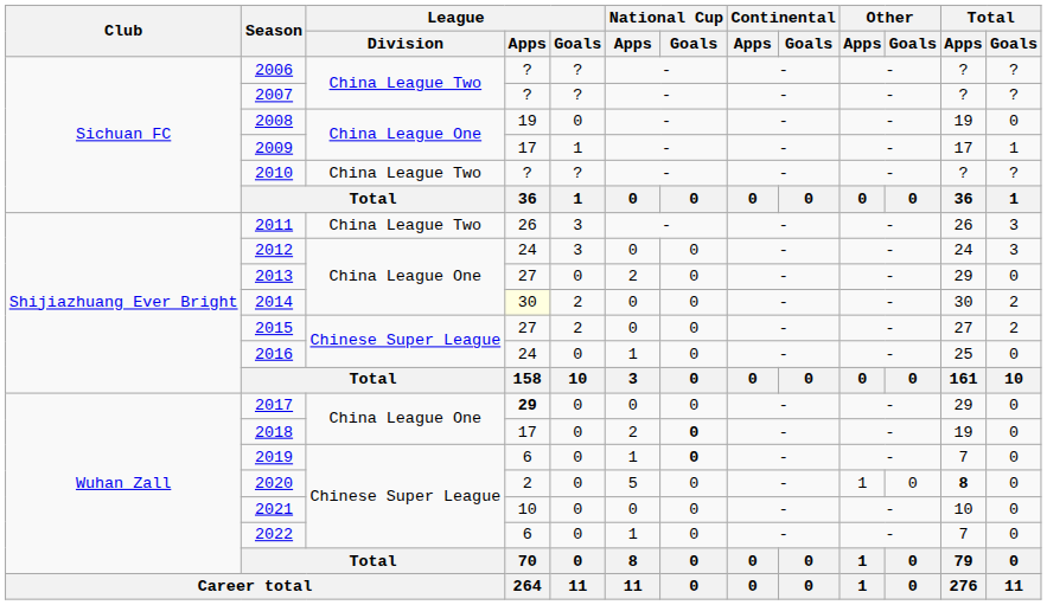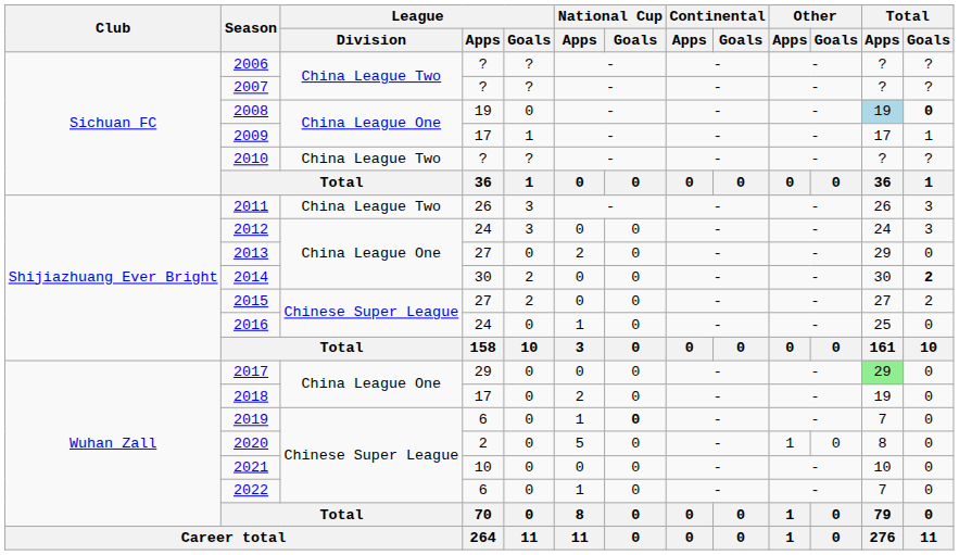 <table class="wikitable" style="text-align: center">
 <tr>
 <th rowspan="2">Club</th>
 <th rowspan="2">Season</th>
 <th colspan="3">League</th>
 <th colspan="2">National Cup</th>
 <th colspan="2">Continental</th>
 <th colspan="2">Other</th>
 <th colspan="2">Total</th>
 </tr>
 <tr>
 <th>Division</th>
 <th>Apps</th>
 <th>Goals</th>
 <th>Apps</th>
 <th>Goals</th>
 <th>Apps</th>
 <th>Goals</th>
 <th>Apps</th>
 <th>Goals</th>
 <th>Apps</th>
 <th>Goals</th>
 </tr>
 <tr>
 <td rowspan=6><a href='#'>Sichuan FC</a></td>
 <td><a href='#'>2006</a></td>
 <td rowspan="2"><a href='#'>China League Two</a></td>
 <td>?</td>
 <td>?</td>
 <td colspan="2">-</td>
 <td colspan="2">-</td>
 <td colspan="2">-</td>
 <td>?</td>
 <td>?</td>
 </tr>
 <tr>
 <td><a href='#'>2007</a></td>
 <td>?</td>
 <td>?</td>
 <td colspan="2">-</td>
 <td colspan="2">-</td>
 <td colspan="2">-</td>
 <td>?</td>
 <td>?</td>
 </tr>
 <tr>
 <td><a href='#'>2008</a></td>
 <td rowspan="2"><a href='#'>China League One</a></td>
 <td>19</td>
 <td>0</td>
 <td colspan="2">-</td>
 <td colspan="2">-</td>
 <td colspan="2">-</td>
-<td>19</td>
-<td>0</td>
+<td style="background: lightblue;">19</td>
+<td><strong>0</strong></td>
 </tr>
 <tr>
 <td><a href='#'>2009</a></td>
 <td>17</td>
 <td>1</td>
 <td colspan="2">-</td>
 <td colspan="2">-</td>
 <td colspan="2">-</td>
 <td>17</td>
 <td>1</td>
 </tr>
 <tr>
 <td><a href='#'>2010</a></td>
 <td>China League Two</td>
 <td>?</td>
 <td>?</td>
 <td colspan="2">-</td>
 <td colspan="2">-</td>
 <td colspan="2">-</td>
 <td>?</td>
 <td>?</td>
 </tr>
 <tr>
 <th colspan="2"><strong>Total</strong></th>
 <th>36</th>
 <th>1</th>
 <th>0</th>
 <th>0</th>
 <th>0</th>
 <th>0</th>
 <th>0</th>
 <th>0</th>
 <th>36</th>
 <th>1</th>
 </tr>
 <tr>
 <td rowspan=7><a href='#'>Shijiazhuang Ever Bright</a></td>
 <td><a href='#'>2011</a></td>
 <td>China League Two</td>
 <td>26</td>
 <td>3</td>
 <td colspan="2">-</td>
 <td colspan="2">-</td>
 <td colspan="2">-</td>
 <td>26</td>
 <td>3</td>
 </tr>
 <tr>
 <td><a href='#'>2012</a></td>
 <td rowspan=3>China League One</td>
 <td>24</td>
 <td>3</td>
 <td>0</td>
 <td>0</td>
 <td colspan="2">-</td>
 <td colspan="2">-</td>
 <td>24</td>
 <td>3</td>
 </tr>
 <tr>
 <td><a href='#'>2013</a></td>
 <td>27</td>
 <td>0</td>
 <td>2</td>
 <td>0</td>
 <td colspan="2">-</td>
 <td colspan="2">-</td>
 <td>29</td>
 <td>0</td>
 </tr>
 <tr>
 <td><a href='#'>2014</a></td>
-<td style="background: lightyellow;">30</td>
+<td>30</td>
 <td>2</td>
 <td>0</td>
 <td>0</td>
 <td colspan="2">-</td>
 <td colspan="2">-</td>
 <td>30</td>
-<td>2</td>
+<td><strong>2</strong></td>
 </tr>
 <tr>
 <td><a href='#'>2015</a></td>
 <td rowspan="2"><a href='#'>Chinese Super League</a></td>
 <td>27</td>
 <td>2</td>
 <td>0</td>
 <td>0</td>
 <td colspan="2">-</td>
 <td colspan="2">-</td>
 <td>27</td>
 <td>2</td>
 </tr>
 <tr>
 <td><a href='#'>2016</a></td>
 <td>24</td>
 <td>0</td>
 <td>1</td>
 <td>0</td>
 <td colspan="2">-</td>
 <td colspan="2">-</td>
 <td>25</td>
 <td>0</td>
 </tr>
 <tr>
 <th colspan="2"><strong>Total</strong></th>
 <th>158</th>
 <th>10</th>
 <th>3</th>
 <th>0</th>
 <th>0</th>
 <th>0</th>
 <th>0</th>
 <th>0</th>
 <th>161</th>
 <th>10</th>
 </tr>
 <tr>
 <td rowspan=7><a href='#'>Wuhan Zall</a></td>
 <td><a href='#'>2017</a></td>
 <td rowspan=2>China League One</td>
-<td><strong>29</strong></td>
+<td>29</td>
 <td>0</td>
 <td>0</td>
 <td>0</td>
 <td colspan="2">-</td>
 <td colspan="2">-</td>
-<td>29</td>
+<td style="background: lightgreen;">29</td>
 <td>0</td>
 </tr>
 <tr>
 <td><a href='#'>2018</a></td>
 <td>17</td>
 <td>0</td>
 <td>2</td>
-<td><strong>0</strong></td>
+<td>0</td>
 <td colspan="2">-</td>
 <td colspan="2">-</td>
 <td>19</td>
 <td>0</td>
 </tr>
 <tr>
 <td><a href='#'>2019</a></td>
 <td rowspan=4>Chinese Super League</td>
 <td>6</td>
 <td>0</td>
 <td>1</td>
 <td><strong>0</strong></td>
 <td colspan="2">-</td>
 <td colspan="2">-</td>
 <td>7</td>
 <td>0</td>
 </tr>
 <tr>
 <td><a href='#'>2020</a></td>
 <td>2</td>
 <td>0</td>
 <td>5</td>
 <td>0</td>
 <td colspan="2">-</td>
 <td>1</td>
 <td>0</td>
-<td><strong>8</strong></td>
+<td>8</td>
 <td>0</td>
 </tr>
 <tr>
 <td><a href='#'>2021</a></td>
 <td>10</td>
 <td>0</td>
 <td>0</td>
 <td>0</td>
 <td colspan="2">-</td>
 <td colspan="2">-</td>
 <td>10</td>
 <td>0</td>
 </tr>
 <tr>
 <td><a href='#'>2022</a></td>
 <td>6</td>
 <td>0</td>
 <td>1</td>
 <td>0</td>
 <td colspan="2">-</td>
 <td colspan="2">-</td>
 <td>7</td>
 <td>0</td>
 </tr>
 <tr>
 <th colspan="2"><strong>Total</strong></th>
 <th>70</th>
 <th>0</th>
 <th>8</th>
 <th>0</th>
 <th>0</th>
 <th>0</th>
 <th>1</th>
 <th>0</th>
 <th>79</th>
 <th>0</th>
 </tr>
 <tr>
 <th colspan=3>Career total</th>
 <th>264</th>
 <th>11</th>
 <th>11</th>
 <th>0</th>
 <th>0</th>
 <th>0</th>
 <th>1</th>
 <th>0</th>
 <th>276</th>
 <th>11</th>
 </tr>
 </table>
